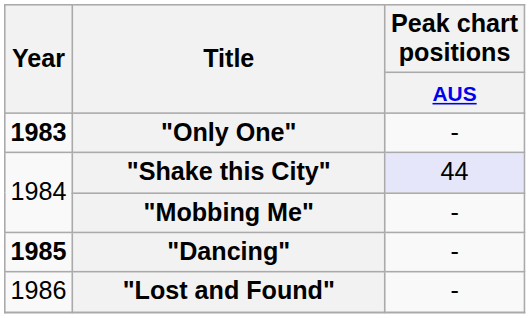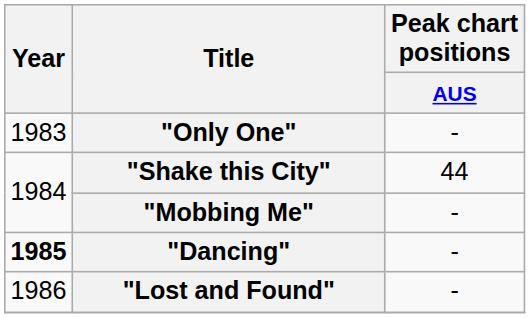 <table class="wikitable plainrowheaders" style="text-align:center;" border="1">
 <tr>
 <th scope="col" rowspan="2">Year</th>
 <th scope="col" rowspan="2" style="width:12em;">Title</th>
 <th scope="col" colspan="1">Peak chart<br>positions</th>
 </tr>
 <tr>
 <th scope="col" style="text-align:center;"><small><a href='#'>AUS</a></small><br></th>
 </tr>
 <tr>
-<td><strong>1983</strong></td>
+<td>1983</td>
 <th scope="row">"Only One"</th>
 <td style="text-align:center;">-</td>
 </tr>
 <tr>
 <td rowspan="2">1984</td>
 <th scope="row">"Shake this City"</th>
-<td style="background: lavender; text-align:center;">44</td>
+<td style="text-align:center;">44</td>
 </tr>
 <tr>
 <th scope="row">"Mobbing Me"</th>
 <td style="text-align:center;">-</td>
 </tr>
 <tr>
 <td><strong>1985</strong></td>
 <th scope="row">"Dancing"</th>
 <td style="text-align:center;">-</td>
 </tr>
 <tr>
 <td>1986</td>
 <th scope="row">"Lost and Found"</th>
 <td style="text-align:center;">-</td>
 </tr>
 <tr>
 </tr>
 </table>
